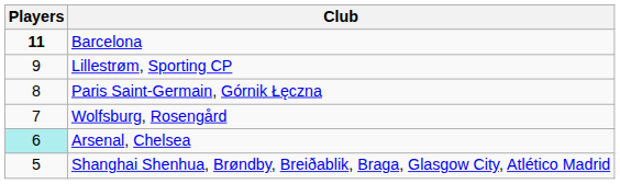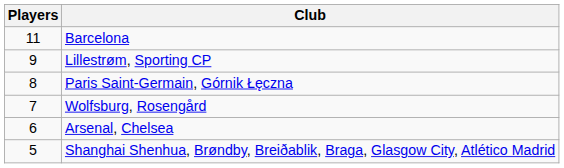 <table class="wikitable">
 <tr>
 <th>Players</th>
 <th>Club</th>
 </tr>
 <tr>
-<td align="center"><strong>11</strong></td>
+<td align="center">11</td>
 <td> <a href='#'>Barcelona</a></td>
 </tr>
 <tr>
 <td align="center">9</td>
 <td> <a href='#'>Lillestrøm</a>,  <a href='#'>Sporting CP</a></td>
 </tr>
 <tr>
 <td align="center">8</td>
 <td> <a href='#'>Paris Saint-Germain</a>,  <a href='#'>Górnik Łęczna</a></td>
 </tr>
 <tr>
 <td align="center">7</td>
 <td> <a href='#'>Wolfsburg</a>,  <a href='#'>Rosengård</a></td>
 </tr>
 <tr>
-<td align="center" style="background: paleturquoise;">6</td>
+<td align="center">6</td>
 <td> <a href='#'>Arsenal</a>,  <a href='#'>Chelsea</a></td>
 </tr>
 <tr>
 <td align="center">5</td>
 <td> <a href='#'>Shanghai Shenhua</a>,  <a href='#'>Brøndby</a>,  <a href='#'>Breiðablik</a>,  <a href='#'>Braga</a>,  <a href='#'>Glasgow City</a>,  <a href='#'>Atlético Madrid</a></td>
 </tr>
 </table>
